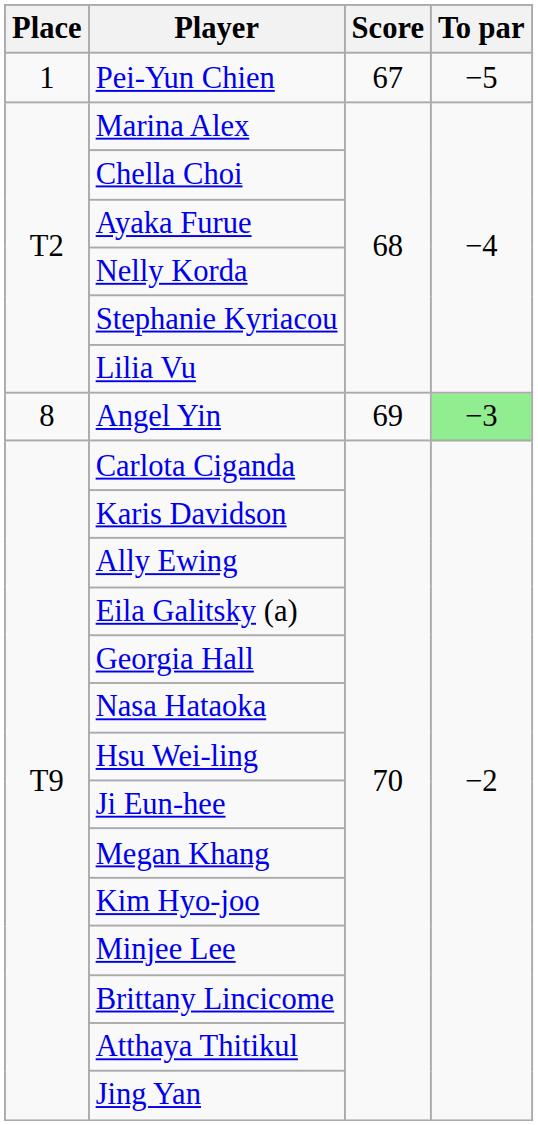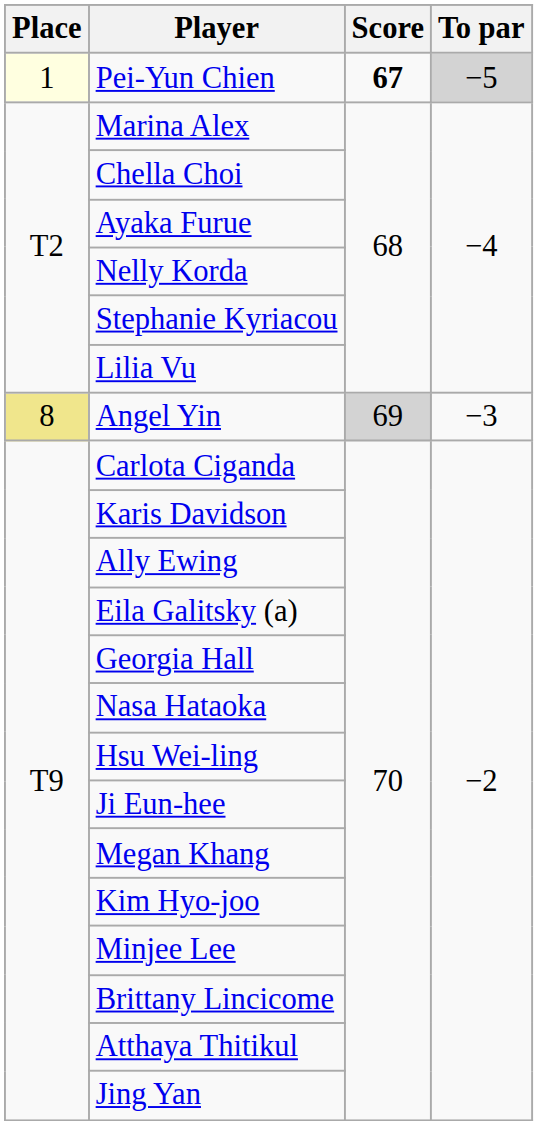 <table class="wikitable">
 <tr>
 <th>Place</th>
 <th>Player</th>
 <th>Score</th>
 <th>To par</th>
 </tr>
 <tr>
-<td align=center>1</td>
+<td align=center style="background: lightyellow;">1</td>
 <td> <a href='#'>Pei-Yun Chien</a></td>
-<td align=center>67</td>
-<td align=center>−5</td>
+<td align=center><strong>67</strong></td>
+<td align=center style="background: lightgrey;">−5</td>
 </tr>
 <tr>
 <td rowspan=6 align=center>T2</td>
 <td> <a href='#'>Marina Alex</a></td>
 <td rowspan=6 align=center>68</td>
 <td rowspan=6 align=center>−4</td>
 </tr>
 <tr>
 <td> <a href='#'>Chella Choi</a></td>
 </tr>
 <tr>
 <td> <a href='#'>Ayaka Furue</a></td>
 </tr>
 <tr>
 <td> <a href='#'>Nelly Korda</a></td>
 </tr>
 <tr>
 <td> <a href='#'>Stephanie Kyriacou</a></td>
 </tr>
 <tr>
 <td> <a href='#'>Lilia Vu</a></td>
 </tr>
 <tr>
-<td align=center>8</td>
+<td align=center style="background: khaki;">8</td>
 <td> <a href='#'>Angel Yin</a></td>
-<td align=center>69</td>
-<td align=center style="background: lightgreen;">−3</td>
+<td align=center style="background: lightgrey;">69</td>
+<td align=center>−3</td>
 </tr>
 <tr>
 <td rowspan=14 align=center>T9</td>
 <td> <a href='#'>Carlota Ciganda</a></td>
 <td rowspan=14 align=center>70</td>
 <td rowspan=14 align=center>−2</td>
 </tr>
 <tr>
 <td> <a href='#'>Karis Davidson</a></td>
 </tr>
 <tr>
 <td> <a href='#'>Ally Ewing</a></td>
 </tr>
 <tr>
 <td> <a href='#'>Eila Galitsky</a> (a)</td>
 </tr>
 <tr>
 <td> <a href='#'>Georgia Hall</a></td>
 </tr>
 <tr>
 <td> <a href='#'>Nasa Hataoka</a></td>
 </tr>
 <tr>
 <td> <a href='#'>Hsu Wei-ling</a></td>
 </tr>
 <tr>
 <td> <a href='#'>Ji Eun-hee</a></td>
 </tr>
 <tr>
 <td> <a href='#'>Megan Khang</a></td>
 </tr>
 <tr>
 <td> <a href='#'>Kim Hyo-joo</a></td>
 </tr>
 <tr>
 <td> <a href='#'>Minjee Lee</a></td>
 </tr>
 <tr>
 <td> <a href='#'>Brittany Lincicome</a></td>
 </tr>
 <tr>
 <td> <a href='#'>Atthaya Thitikul</a></td>
 </tr>
 <tr>
 <td> <a href='#'>Jing Yan</a></td>
 </tr>
 </table>
